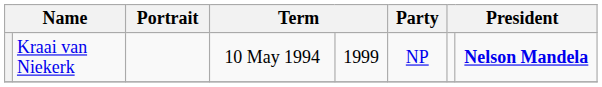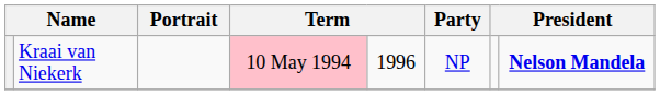 <table class="wikitable" width=60%>
 <tr>
 <th colspan=2 width=20%>Name</th>
 <th width=75>Portrait</th>
 <th colspan=2 width=30%>Term</th>
 <th width=10%>Party</th>
 <th colspan=2 width=25%>President</th>
 </tr>
 <tr style="text-align:center">
 <th style="width:1%;background-color: "></th>
 <td align=left><a href='#'>Kraai van Niekerk</a></td>
 <td></td>
-<td>10 May 1994</td>
-<td>1999</td>
+<td style="background: pink;">10 May 1994</td>
+<td>1996</td>
 <td><a href='#'>NP</a></td>
 <td style="width:1%;background-color: "></td>
 <td><strong><a href='#'>Nelson Mandela</a><br> </strong></td>
 </tr>
 <tr>
 </tr>
 </table>
